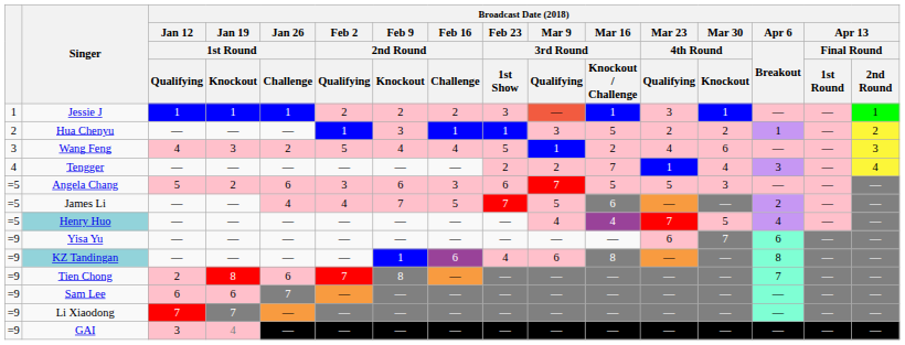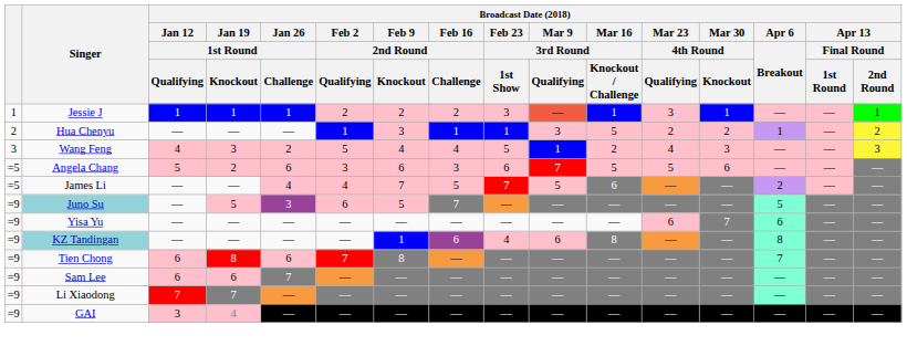 <table class="wikitable" style="text-align:center; font-size:100%">
 <tr>
 <th rowspan="4" width="2"></th>
 <th rowspan="4" width="250" class="unsortable">Singer</th>
 <th colspan="14"><small>Broadcast Date (2018)</small></th>
 </tr>
 <tr>
 <th>Jan 12</th>
 <th>Jan 19</th>
 <th>Jan 26</th>
 <th>Feb 2</th>
 <th>Feb 9</th>
 <th>Feb 16</th>
 <th>Feb 23</th>
 <th>Mar 9</th>
 <th>Mar 16</th>
 <th>Mar 23</th>
 <th>Mar 30</th>
 <th>Apr 6</th>
 <th colspan="2">Apr 13</th>
 </tr>
 <tr>
 <th colspan="3">1st Round</th>
 <th colspan="3">2nd Round</th>
 <th colspan="3">3rd Round</th>
 <th colspan="2">4th Round</th>
 <th rowspan="2">Breakout</th>
 <th colspan="2">Final Round</th>
 </tr>
 <tr>
 <th width="70" data-sort-type="text">Qualifying</th>
 <th width="70" data-sort-type="text">Knockout</th>
 <th width="70" data-sort-type="text">Challenge</th>
 <th width="70" data-sort-type="text">Qualifying</th>
 <th width="70" data-sort-type="text">Knockout</th>
 <th width="70" data-sort-type="text">Challenge</th>
 <th width="70" data-sort-type="text">1st Show</th>
 <th width="70" data-sort-type="text">Qualifying</th>
 <th width="70" data-sort-type="text">Knockout / Challenge</th>
 <th width="70" data-sort-type="text">Qualifying</th>
 <th width="70" data-sort-type="text">Knockout</th>
 <th width="70" data-sort-type="text">1st Round</th>
 <th width="70" data-sort-type="text">2nd Round</th>
 </tr>
 <tr>
 <td>1</td>
 <td><a href='#'>Jessie J</a></td>
 <td style="background:blue; color: white;">1</td>
 <td style="background:blue; color: white;">1</td>
 <td style="background:blue; color: white;">1</td>
 <td style="background:pink;color:black;">2</td>
 <td style="background:pink;color:black;">2</td>
 <td style="background:pink;color:black;">2</td>
 <td style="background:pink;color:black;">3</td>
 <td style="background:#F25B40;color:black;">—</td>
 <td style="background:blue; color: white;">1</td>
 <td style="background:pink;color:black;">3</td>
 <td style="background:blue; color: white;">1</td>
 <td style="background:pink;color:black;">—</td>
 <td style="background:pink;color:black;">—</td>
 <td style="background:lime;">1 </td>
 </tr>
 <tr>
 <td>2</td>
 <td><a href='#'>Hua Chenyu</a></td>
 <td>—</td>
 <td>—</td>
 <td>—</td>
 <td style="background:blue; color: white;">1</td>
 <td style="background:pink;color:black;">3</td>
 <td style="background:blue; color: white;">1</td>
 <td style="background:blue; color: white;">1</td>
 <td style="background:pink;color:black;">3</td>
 <td style="background:pink;color:black;">5</td>
 <td style="background:pink;color:black;">2</td>
 <td style="background:pink;color:black;">2</td>
 <td style="background:#C697F3;color:black;">1</td>
 <td style="background:pink;color:black;">—</td>
 <td style="background:#FCF639; color: black;">2 </td>
 </tr>
 <tr>
 <td>3</td>
 <td><a href='#'>Wang Feng</a></td>
 <td style="background:pink;color:black;">4</td>
 <td style="background:pink;color:black;">3</td>
 <td style="background:pink;color:black;">2</td>
 <td style="background:pink;color:black;">5</td>
 <td style="background:pink;color:black;">4</td>
 <td style="background:pink;color:black;">4</td>
 <td style="background:pink;color:black;">5</td>
 <td style="background:blue;color:white;">1</td>
 <td style="background:pink;color:black;">2</td>
 <td style="background:pink;color:black;">4</td>
-<td style="background:pink;color:black;">6</td>
+<td style="background:pink;color:black;">3</td>
 <td style="background:pink;color:black;">—</td>
 <td style="background:pink;color:black;">—</td>
 <td style="background:#FCF639; color: black;">3 </td>
-</tr>
-<tr>
-<td>4</td>
-<td><a href='#'>Tengger</a></td>
-<td>—</td>
-<td>—</td>
-<td>—</td>
-<td>—</td>
-<td>—</td>
-<td>—</td>
-<td style="background:pink;color:black;">2</td>
-<td style="background:pink;color:black;">2</td>
-<td style="background:pink;color:black;">7</td>
-<td style="background:blue;color:white;">1</td>
-<td style="background:pink;color:black;">4</td>
-<td style="background:#C697F3;color:black;">3</td>
-<td style="background:pink;color:black;">—</td>
-<td style="background:#FCF639; color: black;">4</td>
 </tr>
 <tr>
 <td>=5</td>
 <td><a href='#'>Angela Chang</a></td>
 <td style="background:pink;color:black;">5</td>
 <td style="background:pink;color:black;">2</td>
 <td style="background:pink;color:black;">6</td>
 <td style="background:pink;color:black;">3</td>
 <td style="background:pink;color:black;">6</td>
 <td style="background:pink;color:black;">3</td>
 <td style="background:pink;color:black;">6</td>
 <td style="background:red;color:white;">7</td>
 <td style="background:pink;color:black;">5</td>
 <td style="background:pink;color:black;">5</td>
-<td style="background:pink;color:black;">3</td>
+<td style="background:pink;color:black;">6</td>
 <td style="background:pink;color:black;">—</td>
 <td style="background:pink;color:black;">—</td>
 <td style="background:grey;color:white;">—</td>
 </tr>
 <tr>
 <td>=5</td>
 <td>James Li</td>
 <td>—</td>
 <td>—</td>
 <td style="background:pink;color:black;">4</td>
 <td style="background:pink;color:black;">4</td>
 <td style="background:pink;color:black;">7</td>
 <td style="background:pink;color:black;">5</td>
 <td style="background:red;color:white;">7</td>
 <td style="background:pink;color:black;">5</td>
 <td style="background:grey;color:white;">6</td>
 <td style="background:#F89B40;color:black;">—</td>
 <td style="background:grey;color:white;">—</td>
 <td style="background:#C697F3;color:black;">2</td>
 <td style="background:pink;color:black;">—</td>
 <td style="background:grey;color:white;">—</td>
 </tr>
 <tr>
-<td>=5</td>
-<td style="background:#92D3DA;color:black;"><a href='#'>Henry Huo</a></td>
+<td>=9</td>
+<td style="background:#92D3DA;color:black;"><a href='#'>Juno Su</a></td>
 <td>—</td>
-<td>—</td>
-<td>—</td>
-<td>—</td>
-<td>—</td>
-<td>—</td>
-<td>—</td>
-<td style="background:pink;color:black;">4</td>
-<td style="background:#994299;color:white;">4</td>
-<td style="background:red;color:white;">7</td>
 <td style="background:pink;color:black;">5</td>
-<td style="background:#C697F3;color:black;">4</td>
-<td style="background:pink;color:black;">—</td>
+<td style="background:#994299;color:white;">3</td>
+<td style="background:pink;color:black;">6</td>
+<td style="background:pink;color:black;">5</td>
+<td style="background:grey;color:white;">7</td>
+<td style="background:#F89B40;color:black;">—</td>
+<td style="background:grey;color:white;">—</td>
+<td style="background:grey;color:white;">—</td>
+<td style="background:grey;color:white;">—</td>
+<td style="background:grey;color:white;">—</td>
+<td style="background:#7FFFD4;color:black;">5</td>
+<td style="background:grey;color:white;">—</td>
 <td style="background:grey;color:white;">—</td>
 </tr>
 <tr>
 <td>=9</td>
 <td><a href='#'>Yisa Yu</a></td>
 <td>—</td>
 <td>—</td>
 <td>—</td>
 <td>—</td>
 <td>—</td>
 <td>—</td>
 <td>—</td>
 <td>—</td>
 <td>—</td>
 <td style="background:pink;color:black;">6</td>
 <td style="background:grey; color:white;">7</td>
 <td style="background:#7FFFD4;color:black;">6</td>
 <td style="background:grey;color:white;">—</td>
 <td style="background:grey;color:white;">—</td>
 </tr>
 <tr>
 <td>=9</td>
 <td style="background:#92D3DA;color:black;"><a href='#'>KZ Tandingan</a></td>
 <td>—</td>
 <td>—</td>
 <td>—</td>
 <td>—</td>
 <td style="background:blue; color: white;">1</td>
 <td style="background:#994299;color:white;">6</td>
 <td style="background:pink;color:black;">4</td>
 <td style="background:pink;color:black;">6</td>
 <td style="background:grey;color:white;">8</td>
 <td style="background:#F89B40;color:black;">—</td>
 <td style="background:grey;color:white;">—</td>
 <td style="background:#7FFFD4;color:black;">8</td>
 <td style="background:grey;color:white;">—</td>
 <td style="background:grey;color:white;">—</td>
 </tr>
 <tr>
 <td>=9</td>
 <td><a href='#'>Tien Chong</a></td>
-<td style="background:pink;color:black;">2</td>
+<td style="background:pink;color:black;">6</td>
 <td style="background:red;color:white;">8</td>
 <td style="background:pink;color:black;">6</td>
 <td style="background:red;color:white;">7</td>
 <td style="background:grey;color:white;">8</td>
 <td style="background:#F89B40;color:black;">—</td>
 <td style="background:grey;color:white;">—</td>
 <td style="background:grey;color:white;">—</td>
 <td style="background:grey;color:white;">—</td>
 <td style="background:grey;color:white;">—</td>
 <td style="background:grey;color:white;">—</td>
 <td style="background:#7FFFD4;color:black;">7</td>
 <td style="background:grey;color:white;">—</td>
 <td style="background:grey;color:white;">—</td>
 </tr>
 <tr>
 <td>=9</td>
 <td><a href='#'>Sam Lee</a></td>
 <td style="background:pink;color:black;">6</td>
 <td style="background:pink;color:black;">6</td>
 <td style="background:grey;color:white;">7</td>
 <td style="background:#F89B40;color:black;">—</td>
 <td style="background:grey;color:white;">—</td>
 <td style="background:grey;color:white;">—</td>
 <td style="background:grey;color:white;">—</td>
 <td style="background:grey;color:white;">—</td>
 <td style="background:grey;color:white;">—</td>
 <td style="background:grey;color:white;">—</td>
 <td style="background:grey;color:white;">—</td>
 <td style="background:#7FFFD4;color:black;">— </td>
 <td style="background:grey;color:white;">—</td>
 <td style="background:grey;color:white;">—</td>
 </tr>
 <tr>
 <td>=9</td>
 <td>Li Xiaodong</td>
 <td style="background:red;color:white;">7</td>
 <td style="background:grey;color:white;">7</td>
 <td style="background:#F89B40;color:black;">—</td>
 <td style="background:grey;color:white;">—</td>
 <td style="background:grey;color:white;">—</td>
 <td style="background:grey;color:white;">—</td>
 <td style="background:grey;color:white;">—</td>
 <td style="background:grey;color:white;">—</td>
 <td style="background:grey;color:white;">—</td>
 <td style="background:grey;color:white;">—</td>
 <td style="background:grey;color:white;">—</td>
 <td style="background:#7FFFD4;color:black;">— </td>
 <td style="background:grey;color:white;">—</td>
 <td style="background:grey;color:white;">—</td>
 </tr>
 <tr>
 <td>=9</td>
 <td><a href='#'>GAI</a></td>
 <td style="background: pink;color:black;">3</td>
 <td style="background: pink;color:grey;" data-sort-value="4">4</td>
 <td style="background:black;color:white;">—</td>
 <td style="background:black;color:white;">—</td>
 <td style="background:black;color:white;">—</td>
 <td style="background:black;color:white;">—</td>
 <td style="background:black;color:white;">—</td>
 <td style="background:black;color:white;">—</td>
 <td style="background:black;color:white;">—</td>
 <td style="background:black;color:white;">—</td>
 <td style="background:black;color:white;">—</td>
 <td style="background:black;color:white;">—</td>
 <td style="background:black;color:white;">—</td>
 <td style="background:black;color:white;">—</td>
 </tr>
 </table>
